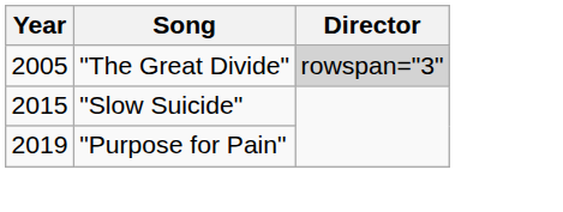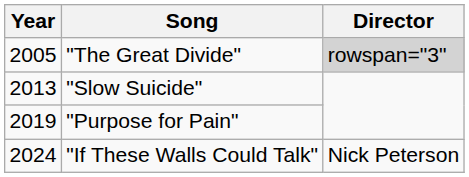 <table class="wikitable">
 <tr>
 <th>Year</th>
 <th>Song</th>
 <th>Director</th>
 </tr>
 <tr>
 <td>2005</td>
 <td>"The Great Divide"</td>
 <td style="background: lightgrey;">rowspan="3" </td>
 </tr>
 <tr>
-<td>2015</td>
+<td>2013</td>
 <td>"Slow Suicide"</td>
 </tr>
 <tr>
 <td>2019</td>
 <td>"Purpose for Pain"</td>
 </tr>
+<tr>
+<td>2024</td>
+<td>"If These Walls Could Talk"</td>
+<td>Nick Peterson</td>
+</tr>
 </table>
